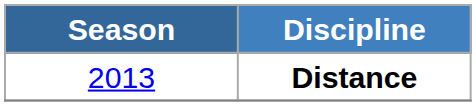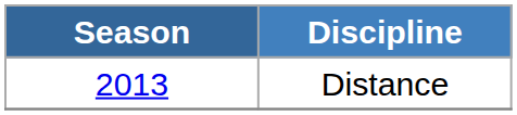 <table class="wikitable" style="font-size:95%; text-align:center; border:grey solid 1px; border-collapse:collapse; background:#ffffff;">
 <tr style="background-color:#369; color:white;">
 <td rowspan="2" colspan="1" style="width:110px"><strong>Season</strong></td>
 </tr>
 <tr style="background-color:#4180be; color:white;">
 <td style="width:110px"><strong>Discipline</strong></td>
 </tr>
 <tr>
 <td align=center><a href='#'>2013</a></td>
-<td align=center><strong>Distance</strong></td>
+<td align=center>Distance</td>
 </tr>
 <tr>
 </tr>
 </table>
